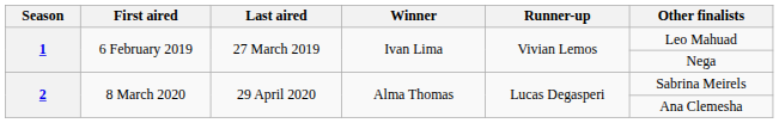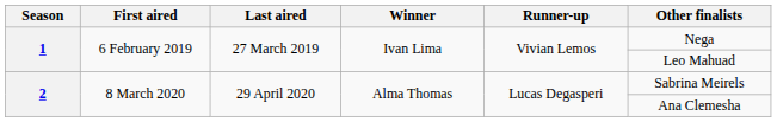 <table class="wikitable" style="text-align:center; font-size:100%;">
 <tr>
 <th width=05%>Season</th>
 <th width=10%>First aired</th>
 <th width=10%>Last aired</th>
 <th width=11%>Winner</th>
 <th width=11%>Runner-up</th>
 <th width=11%>Other finalists</th>
 </tr>
 <tr>
 <th rowspan=2 scope="row"><a href='#'>1</a></th>
 <td rowspan=2>6 February 2019</td>
 <td rowspan=2>27 March 2019</td>
 <td rowspan=2>Ivan Lima</td>
 <td rowspan=2>Vivian Lemos</td>
-<td>Leo Mahuad</td>
+<td>Nega</td>
 </tr>
 <tr>
-<td>Nega</td>
+<td>Leo Mahuad</td>
 </tr>
 <tr>
 <th rowspan=2 scope="row"><a href='#'>2</a></th>
 <td rowspan=2>8 March 2020</td>
 <td rowspan=2>29 April 2020</td>
 <td rowspan=2>Alma Thomas</td>
 <td rowspan=2>Lucas Degasperi</td>
 <td>Sabrina Meirels</td>
 </tr>
 <tr>
 <td>Ana Clemesha</td>
 </tr>
 </table>
